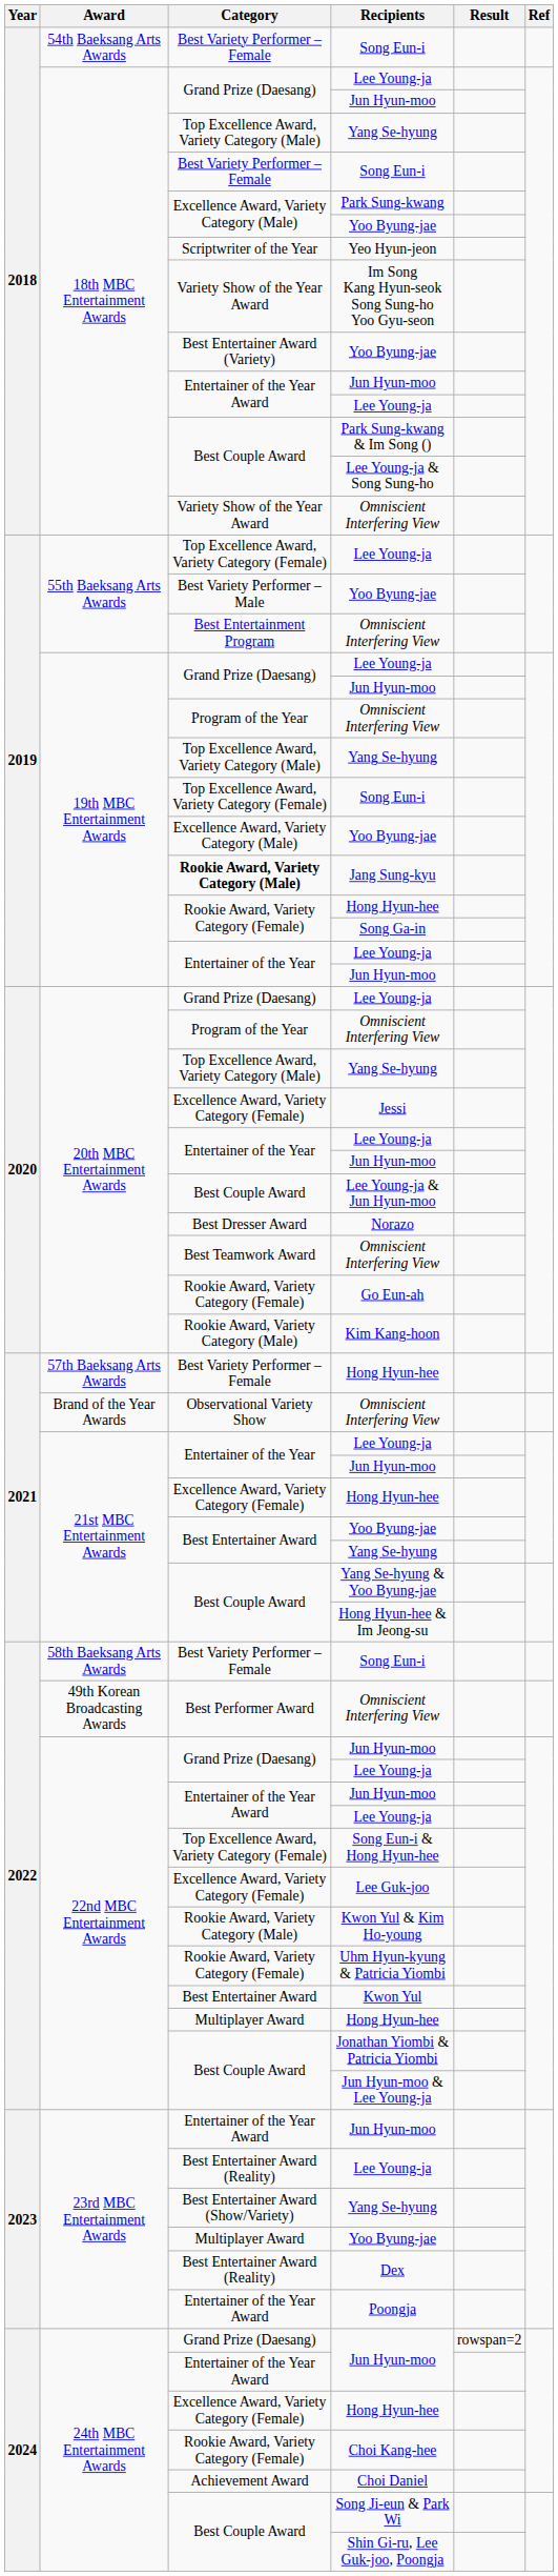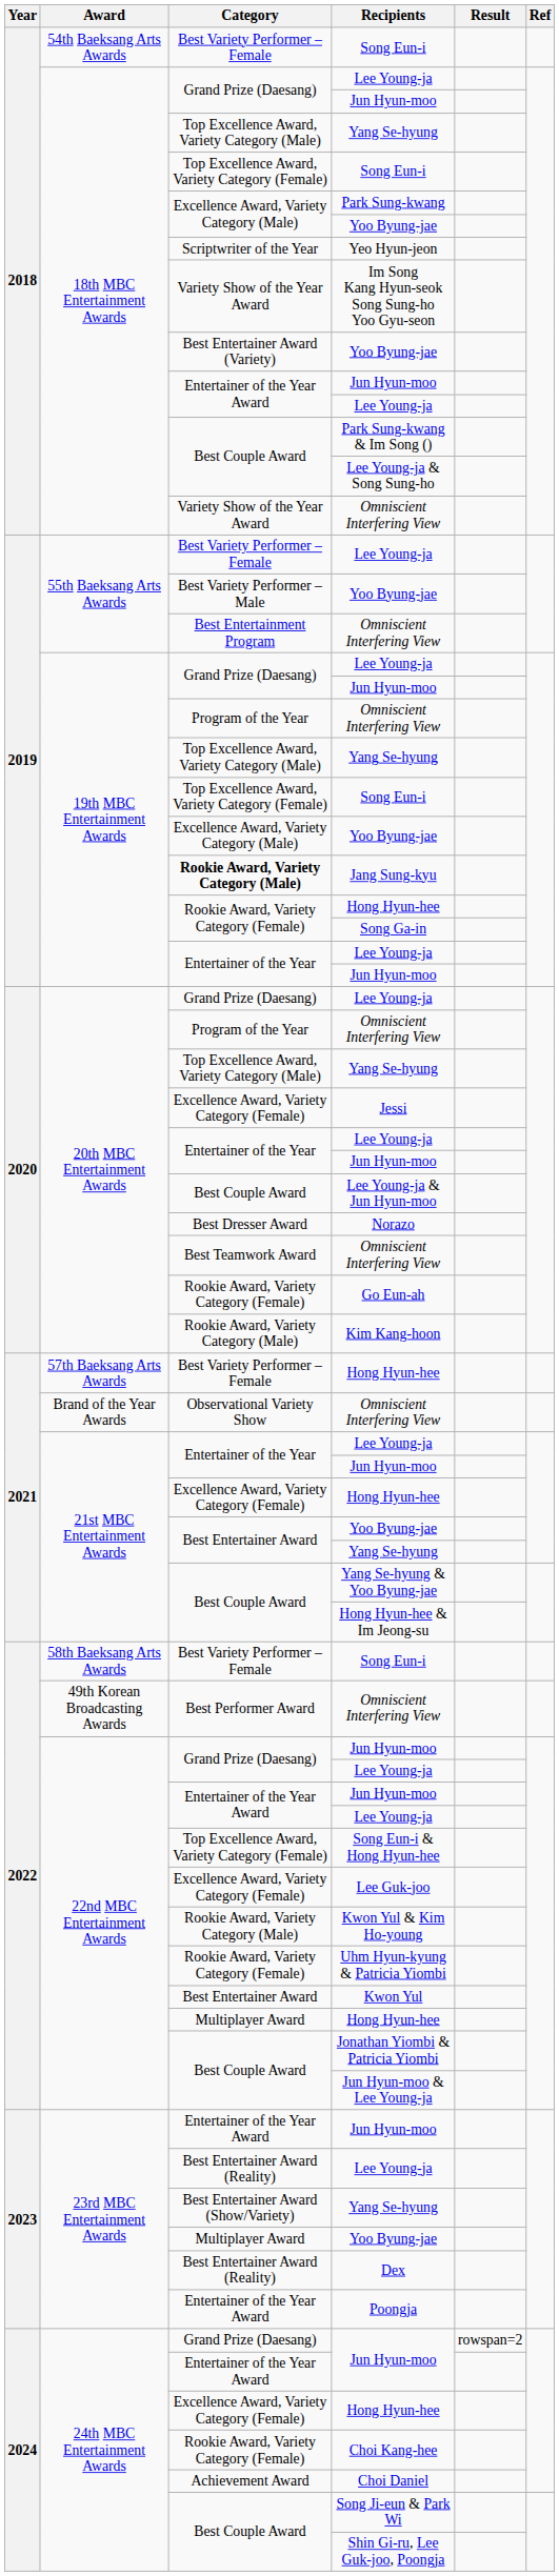 <table class="wikitable sticky-header" style=text-align:center>
 <tr>
 <th>Year</th>
 <th>Award</th>
 <th>Category</th>
 <th>Recipients</th>
 <th>Result</th>
 <th>Ref</th>
 </tr>
 <tr>
 <th rowspan=15>2018</th>
 <td><a href='#'>54th</a> <a href='#'>Baeksang Arts Awards</a></td>
 <td><a href='#'>Best Variety Performer – Female</a></td>
 <td><a href='#'>Song Eun-i</a></td>
 <td></td>
 <td></td>
 </tr>
 <tr>
 <td rowspan=14><a href='#'>18th</a> <a href='#'>MBC Entertainment Awards</a></td>
 <td rowspan=2>Grand Prize (Daesang)</td>
 <td><a href='#'>Lee Young-ja</a></td>
 <td></td>
 <td rowspan=14></td>
 </tr>
 <tr>
 <td><a href='#'>Jun Hyun-moo</a></td>
 <td></td>
 </tr>
 <tr>
 <td>Top Excellence Award, Variety Category (Male)</td>
 <td><a href='#'>Yang Se-hyung</a></td>
 <td></td>
 </tr>
 <tr>
-<td><a href='#'>Best Variety Performer – Female</a></td>
+<td>Top Excellence Award, Variety Category (Female)</td>
 <td><a href='#'>Song Eun-i</a></td>
 <td></td>
 </tr>
 <tr>
 <td rowspan=2>Excellence Award, Variety Category (Male)</td>
 <td><a href='#'>Park Sung-kwang</a></td>
 <td></td>
 </tr>
 <tr>
 <td><a href='#'>Yoo Byung-jae</a></td>
 <td></td>
 </tr>
 <tr>
 <td>Scriptwriter of the Year</td>
 <td>Yeo Hyun-jeon</td>
 <td></td>
 </tr>
 <tr>
 <td>Variety Show of the Year Award</td>
 <td>Im Song <br>Kang Hyun-seok <br>Song Sung-ho <br>Yoo Gyu-seon </td>
 <td></td>
 </tr>
 <tr>
 <td>Best Entertainer Award (Variety)</td>
 <td><a href='#'>Yoo Byung-jae</a></td>
 <td></td>
 </tr>
 <tr>
 <td rowspan=2>Entertainer of the Year Award</td>
 <td><a href='#'>Jun Hyun-moo</a></td>
 <td></td>
 </tr>
 <tr>
 <td><a href='#'>Lee Young-ja</a></td>
 <td></td>
 </tr>
 <tr>
 <td rowspan=2>Best Couple Award</td>
 <td><a href='#'>Park Sung-kwang</a> & Im Song ()</td>
 <td></td>
 </tr>
 <tr>
 <td><a href='#'>Lee Young-ja</a> & Song Sung-ho </td>
 <td></td>
 </tr>
 <tr>
 <td>Variety Show of the Year Award</td>
 <td><em>Omniscient Interfering View</em></td>
 <td></td>
 </tr>
 <tr>
 <th rowspan=14>2019</th>
 <td rowspan=3><a href='#'>55th</a> <a href='#'>Baeksang Arts Awards</a></td>
-<td>Top Excellence Award, Variety Category (Female)</td>
+<td><a href='#'>Best Variety Performer – Female</a></td>
 <td><a href='#'>Lee Young-ja</a></td>
 <td></td>
 <td rowspan=3></td>
 </tr>
 <tr>
 <td>Best Variety Performer – Male</td>
 <td><a href='#'>Yoo Byung-jae</a></td>
 <td></td>
 </tr>
 <tr>
 <td><a href='#'>Best Entertainment Program</a></td>
 <td><em>Omniscient Interfering View</em></td>
 <td></td>
 </tr>
 <tr>
 <td rowspan=11><a href='#'>19th</a> <a href='#'>MBC Entertainment Awards</a></td>
 <td rowspan=2>Grand Prize (Daesang)</td>
 <td><a href='#'>Lee Young-ja</a></td>
 <td></td>
 <td rowspan=11></td>
 </tr>
 <tr>
 <td><a href='#'>Jun Hyun-moo</a></td>
 <td></td>
 </tr>
 <tr>
 <td>Program of the Year</td>
 <td><em>Omniscient Interfering View</em></td>
 <td></td>
 </tr>
 <tr>
 <td>Top Excellence Award, Variety Category (Male)</td>
 <td><a href='#'>Yang Se-hyung</a></td>
 <td></td>
 </tr>
 <tr>
 <td>Top Excellence Award, Variety Category (Female)</td>
 <td><a href='#'>Song Eun-i</a></td>
 <td></td>
 </tr>
 <tr>
 <td>Excellence Award, Variety Category (Male)</td>
 <td><a href='#'>Yoo Byung-jae</a></td>
 <td></td>
 </tr>
 <tr>
 <td><strong>Rookie Award, Variety Category (Male)</strong></td>
 <td><a href='#'>Jang Sung-kyu</a></td>
 <td></td>
 </tr>
 <tr>
 <td rowspan=2>Rookie Award, Variety Category (Female)</td>
 <td><a href='#'>Hong Hyun-hee</a></td>
 <td></td>
 </tr>
 <tr>
 <td><a href='#'>Song Ga-in</a></td>
 <td></td>
 </tr>
 <tr>
 <td rowspan=2>Entertainer of the Year</td>
 <td><a href='#'>Lee Young-ja</a></td>
 <td></td>
 </tr>
 <tr>
 <td><a href='#'>Jun Hyun-moo</a></td>
 <td></td>
 </tr>
 <tr>
 <th rowspan=11>2020</th>
 <td rowspan=11><a href='#'>20th</a> <a href='#'>MBC Entertainment Awards</a></td>
 <td>Grand Prize (Daesang)</td>
 <td><a href='#'>Lee Young-ja</a></td>
 <td></td>
 <td rowspan=11></td>
 </tr>
 <tr>
 <td>Program of the Year</td>
 <td><em>Omniscient Interfering View</em></td>
 <td></td>
 </tr>
 <tr>
 <td>Top Excellence Award, Variety Category (Male)</td>
 <td><a href='#'>Yang Se-hyung</a></td>
 <td></td>
 </tr>
 <tr>
 <td>Excellence Award, Variety Category (Female)</td>
 <td><a href='#'>Jessi</a></td>
 <td></td>
 </tr>
 <tr>
 <td rowspan=2>Entertainer of the Year</td>
 <td><a href='#'>Lee Young-ja</a></td>
 <td></td>
 </tr>
 <tr>
 <td><a href='#'>Jun Hyun-moo</a></td>
 <td></td>
 </tr>
 <tr>
 <td>Best Couple Award</td>
 <td><a href='#'>Lee Young-ja</a> & <a href='#'>Jun Hyun-moo</a></td>
 <td></td>
 </tr>
 <tr>
 <td>Best Dresser Award</td>
 <td><a href='#'>Norazo</a></td>
 <td></td>
 </tr>
 <tr>
 <td>Best Teamwork Award</td>
 <td><em>Omniscient Interfering View</em></td>
 <td></td>
 </tr>
 <tr>
 <td>Rookie Award, Variety Category (Female)</td>
 <td><a href='#'>Go Eun-ah</a></td>
 <td></td>
 </tr>
 <tr>
 <td>Rookie Award, Variety Category (Male)</td>
 <td><a href='#'>Kim Kang-hoon</a></td>
 <td></td>
 </tr>
 <tr>
 <th rowspan=9>2021</th>
 <td><a href='#'>57th Baeksang Arts Awards</a></td>
 <td>Best Variety Performer – Female</td>
 <td><a href='#'>Hong Hyun-hee</a></td>
 <td></td>
 <td></td>
 </tr>
 <tr>
 <td>Brand of the Year Awards</td>
 <td>Observational Variety Show</td>
 <td><em>Omniscient Interfering View</em></td>
 <td></td>
 <td></td>
 </tr>
 <tr>
 <td rowspan=7><a href='#'>21st</a> <a href='#'>MBC Entertainment Awards</a></td>
 <td rowspan=2>Entertainer of the Year</td>
 <td><a href='#'>Lee Young-ja</a></td>
 <td></td>
 <td rowspan=5></td>
 </tr>
 <tr>
 <td><a href='#'>Jun Hyun-moo</a></td>
 <td></td>
 </tr>
 <tr>
 <td>Excellence Award, Variety Category (Female)</td>
 <td><a href='#'>Hong Hyun-hee</a></td>
 <td></td>
 </tr>
 <tr>
 <td rowspan=2>Best Entertainer Award</td>
 <td><a href='#'>Yoo Byung-jae</a></td>
 <td></td>
 </tr>
 <tr>
 <td><a href='#'>Yang Se-hyung</a></td>
 <td></td>
 </tr>
 <tr>
 <td rowspan=2>Best Couple Award</td>
 <td><a href='#'>Yang Se-hyung</a> & <a href='#'>Yoo Byung-jae</a></td>
 <td></td>
 <td rowspan=2></td>
 </tr>
 <tr>
 <td><a href='#'>Hong Hyun-hee</a> & Im Jeong-su</td>
 <td></td>
 </tr>
 <tr>
 <th rowspan=14>2022</th>
 <td><a href='#'>58th Baeksang Arts Awards</a></td>
 <td>Best Variety Performer – Female</td>
 <td><a href='#'>Song Eun-i</a></td>
 <td></td>
 <td></td>
 </tr>
 <tr>
 <td>49th Korean Broadcasting Awards</td>
 <td>Best Performer Award</td>
 <td><em>Omniscient Interfering View</em></td>
 <td></td>
 <td></td>
 </tr>
 <tr>
 <td rowspan=12><a href='#'>22nd</a> <a href='#'>MBC Entertainment Awards</a></td>
 <td rowspan=2>Grand Prize (Daesang)</td>
 <td><a href='#'>Jun Hyun-moo</a></td>
 <td></td>
 <td rowspan=12></td>
 </tr>
 <tr>
 <td><a href='#'>Lee Young-ja</a></td>
 <td></td>
 </tr>
 <tr>
 <td rowspan=2>Entertainer of the Year Award</td>
 <td><a href='#'>Jun Hyun-moo</a></td>
 <td></td>
 </tr>
 <tr>
 <td><a href='#'>Lee Young-ja</a></td>
 <td></td>
 </tr>
 <tr>
 <td>Top Excellence Award, Variety Category (Female)</td>
 <td><a href='#'>Song Eun-i</a> & <a href='#'>Hong Hyun-hee</a></td>
 <td></td>
 </tr>
 <tr>
 <td>Excellence Award, Variety Category (Female)</td>
 <td><a href='#'>Lee Guk-joo</a></td>
 <td></td>
 </tr>
 <tr>
 <td>Rookie Award, Variety Category (Male)</td>
 <td><a href='#'>Kwon Yul</a> & <a href='#'>Kim Ho-young</a></td>
 <td></td>
 </tr>
 <tr>
 <td>Rookie Award, Variety Category (Female)</td>
 <td><a href='#'>Uhm Hyun-kyung</a> & <a href='#'>Patricia Yiombi</a></td>
 <td></td>
 </tr>
 <tr>
 <td>Best Entertainer Award</td>
 <td><a href='#'>Kwon Yul</a></td>
 <td></td>
 </tr>
 <tr>
 <td>Multiplayer Award</td>
 <td><a href='#'>Hong Hyun-hee</a></td>
 <td></td>
 </tr>
 <tr>
 <td rowspan=2>Best Couple Award</td>
 <td><a href='#'>Jonathan Yiombi</a> & <a href='#'>Patricia Yiombi</a></td>
 <td></td>
 </tr>
 <tr>
 <td><a href='#'>Jun Hyun-moo</a> & <a href='#'>Lee Young-ja</a></td>
 <td></td>
 </tr>
 <tr>
 <th rowspan=6>2023</th>
 <td rowspan=6><a href='#'>23rd</a> <a href='#'>MBC Entertainment Awards</a></td>
 <td>Entertainer of the Year Award</td>
 <td><a href='#'>Jun Hyun-moo</a></td>
 <td></td>
 <td rowspan=6></td>
 </tr>
 <tr>
 <td>Best Entertainer Award (Reality)</td>
 <td><a href='#'>Lee Young-ja</a></td>
 <td></td>
 </tr>
 <tr>
 <td>Best Entertainer Award (Show/Variety)</td>
 <td><a href='#'>Yang Se-hyung</a></td>
 <td></td>
 </tr>
 <tr>
 <td>Multiplayer Award</td>
 <td><a href='#'>Yoo Byung-jae</a></td>
 <td></td>
 </tr>
 <tr>
 <td>Best Entertainer Award (Reality)</td>
 <td><a href='#'>Dex</a></td>
 <td></td>
 </tr>
 <tr>
 <td>Entertainer of the Year Award</td>
 <td><a href='#'>Poongja</a></td>
 <td></td>
 </tr>
 <tr>
 <th rowspan=7>2024</th>
 <td rowspan=7><a href='#'>24th</a> <a href='#'>MBC Entertainment Awards</a></td>
 <td>Grand Prize (Daesang)</td>
 <td rowspan=2><a href='#'>Jun Hyun-moo</a></td>
 <td>rowspan=2 </td>
 <td rowspan=5></td>
 </tr>
 <tr>
 <td>Entertainer of the Year Award</td>
 </tr>
 <tr>
 <td>Excellence Award, Variety Category (Female)</td>
 <td><a href='#'>Hong Hyun-hee</a></td>
 <td></td>
 </tr>
 <tr>
 <td>Rookie Award, Variety Category (Female)</td>
 <td><a href='#'>Choi Kang-hee</a></td>
 <td></td>
 </tr>
 <tr>
 <td>Achievement Award</td>
 <td><a href='#'>Choi Daniel</a></td>
 <td></td>
 </tr>
 <tr>
 <td rowspan=2>Best Couple Award</td>
 <td><a href='#'>Song Ji-eun</a> & <a href='#'>Park Wi</a></td>
 <td></td>
 <td rowspan=2></td>
 </tr>
 <tr>
 <td><a href='#'>Shin Gi-ru</a>, <a href='#'>Lee Guk-joo</a>, <a href='#'>Poongja</a></td>
 <td></td>
 </tr>
 </table>
